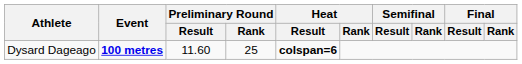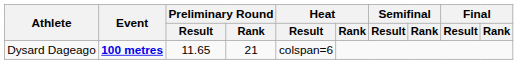 <table class=wikitable style=font-size:90%>
 <tr>
 <th rowspan=2>Athlete</th>
 <th rowspan=2>Event</th>
 <th colspan=2>Preliminary Round</th>
 <th colspan=2>Heat</th>
 <th colspan=2>Semifinal</th>
 <th colspan=2>Final</th>
 </tr>
 <tr style=font-size:95%>
 <th>Result</th>
 <th>Rank</th>
 <th>Result</th>
 <th>Rank</th>
 <th>Result</th>
 <th>Rank</th>
 <th>Result</th>
 <th>Rank</th>
 </tr>
 <tr align=center>
 <td align=left>Dysard Dageago</td>
 <td align=left><strong><a href='#'>100 metres</a></strong></td>
-<td>11.60</td>
-<td>25</td>
-<td><strong>colspan=6 </strong></td>
+<td>11.65</td>
+<td>21</td>
+<td>colspan=6 </td>
 </tr>
 </table>
